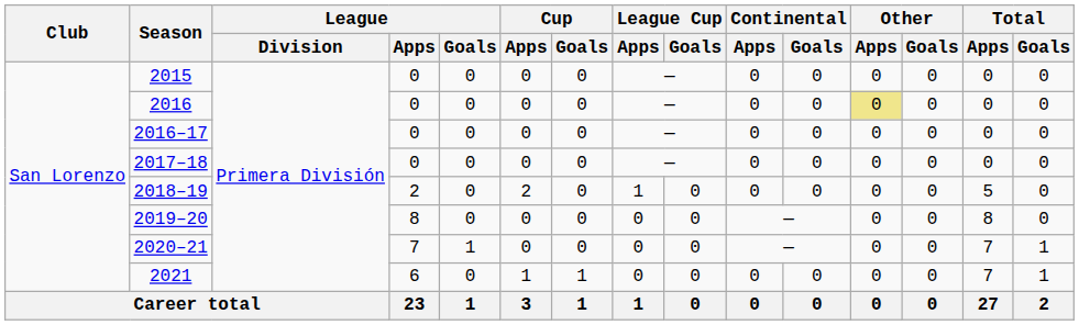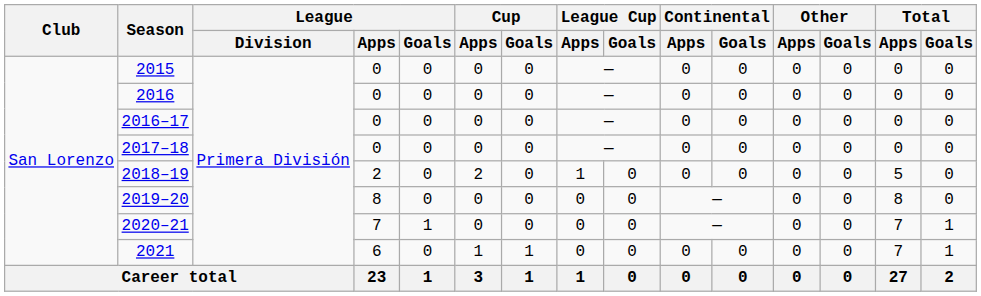 <table class="wikitable" style="text-align:center">
 <tr>
 <th rowspan="2">Club</th>
 <th rowspan="2">Season</th>
 <th colspan="3">League</th>
 <th colspan="2">Cup</th>
 <th colspan="2">League Cup</th>
 <th colspan="2">Continental</th>
 <th colspan="2">Other</th>
 <th colspan="2">Total</th>
 </tr>
 <tr>
 <th>Division</th>
 <th>Apps</th>
 <th>Goals</th>
 <th>Apps</th>
 <th>Goals</th>
 <th>Apps</th>
 <th>Goals</th>
 <th>Apps</th>
 <th>Goals</th>
 <th>Apps</th>
 <th>Goals</th>
 <th>Apps</th>
 <th>Goals</th>
 </tr>
 <tr>
 <td rowspan="8"><a href='#'>San Lorenzo</a></td>
 <td><a href='#'>2015</a></td>
 <td rowspan="8"><a href='#'>Primera División</a></td>
 <td>0</td>
 <td>0</td>
 <td>0</td>
 <td>0</td>
 <td colspan="2">—</td>
 <td>0</td>
 <td>0</td>
 <td>0</td>
 <td>0</td>
 <td>0</td>
 <td>0</td>
 </tr>
 <tr>
 <td><a href='#'>2016</a></td>
 <td>0</td>
 <td>0</td>
 <td>0</td>
 <td>0</td>
 <td colspan="2">—</td>
 <td>0</td>
 <td>0</td>
-<td style="background: khaki;">0</td>
+<td>0</td>
 <td>0</td>
 <td>0</td>
 <td>0</td>
 </tr>
 <tr>
 <td><a href='#'>2016–17</a></td>
 <td>0</td>
 <td>0</td>
 <td>0</td>
 <td>0</td>
 <td colspan="2">—</td>
 <td>0</td>
 <td>0</td>
 <td>0</td>
 <td>0</td>
 <td>0</td>
 <td>0</td>
 </tr>
 <tr>
 <td><a href='#'>2017–18</a></td>
 <td>0</td>
 <td>0</td>
 <td>0</td>
 <td>0</td>
 <td colspan="2">—</td>
 <td>0</td>
 <td>0</td>
 <td>0</td>
 <td>0</td>
 <td>0</td>
 <td>0</td>
 </tr>
 <tr>
 <td><a href='#'>2018–19</a></td>
 <td>2</td>
 <td>0</td>
 <td>2</td>
 <td>0</td>
 <td>1</td>
 <td>0</td>
 <td>0</td>
 <td>0</td>
 <td>0</td>
 <td>0</td>
 <td>5</td>
 <td>0</td>
 </tr>
 <tr>
 <td><a href='#'>2019–20</a></td>
 <td>8</td>
 <td>0</td>
 <td>0</td>
 <td>0</td>
 <td>0</td>
 <td>0</td>
 <td colspan="2">—</td>
 <td>0</td>
 <td>0</td>
 <td>8</td>
 <td>0</td>
 </tr>
 <tr>
 <td><a href='#'>2020–21</a></td>
 <td>7</td>
 <td>1</td>
 <td>0</td>
 <td>0</td>
 <td>0</td>
 <td>0</td>
 <td colspan="2">—</td>
 <td>0</td>
 <td>0</td>
 <td>7</td>
 <td>1</td>
 </tr>
 <tr>
 <td><a href='#'>2021</a></td>
 <td>6</td>
 <td>0</td>
 <td>1</td>
 <td>1</td>
 <td>0</td>
 <td>0</td>
 <td>0</td>
 <td>0</td>
 <td>0</td>
 <td>0</td>
 <td>7</td>
 <td>1</td>
 </tr>
 <tr>
 <th colspan="3">Career total</th>
 <th>23</th>
 <th>1</th>
 <th>3</th>
 <th>1</th>
 <th>1</th>
 <th>0</th>
 <th>0</th>
 <th>0</th>
 <th>0</th>
 <th>0</th>
 <th>27</th>
 <th>2</th>
 </tr>
 </table>
